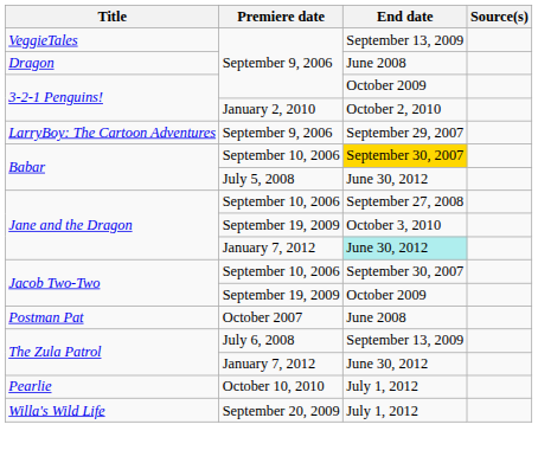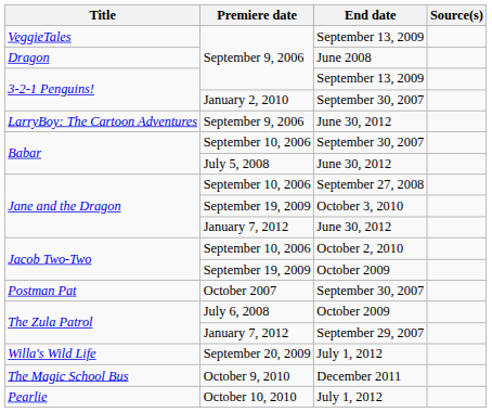 <table class="wikitable sortable">
 <tr>
 <th>Title</th>
 <th>Premiere date</th>
 <th>End date</th>
 <th>Source(s)</th>
 </tr>
 <tr>
 <td><em><a href='#'>VeggieTales</a></em></td>
 <td rowspan=3>September 9, 2006</td>
 <td>September 13, 2009</td>
 <td></td>
 </tr>
 <tr>
 <td><em><a href='#'>Dragon</a></em></td>
 <td>June 2008</td>
 <td></td>
 </tr>
 <tr>
 <td rowspan=2><em><a href='#'>3-2-1 Penguins!</a></em></td>
-<td>October 2009</td>
+<td>September 13, 2009</td>
 <td></td>
 </tr>
 <tr>
 <td>January 2, 2010</td>
-<td>October 2, 2010</td>
+<td>September 30, 2007</td>
 <td></td>
 </tr>
 <tr>
 <td><em><a href='#'>LarryBoy: The Cartoon Adventures</a></em></td>
 <td>September 9, 2006</td>
-<td>September 29, 2007</td>
+<td>June 30, 2012</td>
 <td></td>
 </tr>
 <tr>
 <td rowspan=2><em><a href='#'>Babar</a></em></td>
 <td>September 10, 2006</td>
-<td style="background: gold;">September 30, 2007</td>
+<td>September 30, 2007</td>
 <td></td>
 </tr>
 <tr>
 <td>July 5, 2008</td>
 <td>June 30, 2012</td>
 <td></td>
 </tr>
 <tr>
 <td rowspan=3><em><a href='#'>Jane and the Dragon</a></em></td>
 <td>September 10, 2006</td>
 <td>September 27, 2008</td>
 <td></td>
 </tr>
 <tr>
 <td>September 19, 2009</td>
 <td>October 3, 2010</td>
 <td></td>
 </tr>
 <tr>
 <td>January 7, 2012</td>
-<td style="background: paleturquoise;">June 30, 2012</td>
+<td>June 30, 2012</td>
 <td></td>
 </tr>
 <tr>
 <td rowspan=2><em><a href='#'>Jacob Two-Two</a></em></td>
 <td>September 10, 2006</td>
-<td>September 30, 2007</td>
+<td>October 2, 2010</td>
 <td></td>
 </tr>
 <tr>
 <td>September 19, 2009</td>
 <td>October 2009</td>
 <td></td>
 </tr>
 <tr>
 <td><em><a href='#'>Postman Pat</a></em></td>
 <td>October 2007</td>
-<td>June 2008</td>
+<td>September 30, 2007</td>
 <td></td>
 </tr>
 <tr>
 <td rowspan=2><em><a href='#'>The Zula Patrol</a></em></td>
 <td>July 6, 2008</td>
-<td>September 13, 2009</td>
+<td>October 2009</td>
 <td></td>
 </tr>
 <tr>
 <td>January 7, 2012</td>
-<td>June 30, 2012</td>
+<td>September 29, 2007</td>
+<td></td>
+</tr>
+<tr>
+<td><em><a href='#'>Willa's Wild Life</a></em></td>
+<td>September 20, 2009</td>
+<td>July 1, 2012</td>
+<td></td>
+</tr>
+<tr>
+<td><em><a href='#'>The Magic School Bus</a></em></td>
+<td>October 9, 2010</td>
+<td>December 2011</td>
 <td></td>
 </tr>
 <tr>
 <td><em><a href='#'>Pearlie</a></em></td>
 <td>October 10, 2010</td>
 <td>July 1, 2012</td>
 <td></td>
 </tr>
-<tr>
-<td><em><a href='#'>Willa's Wild Life</a></em></td>
-<td>September 20, 2009</td>
-<td>July 1, 2012</td>
-<td></td>
-</tr>
 </table>
